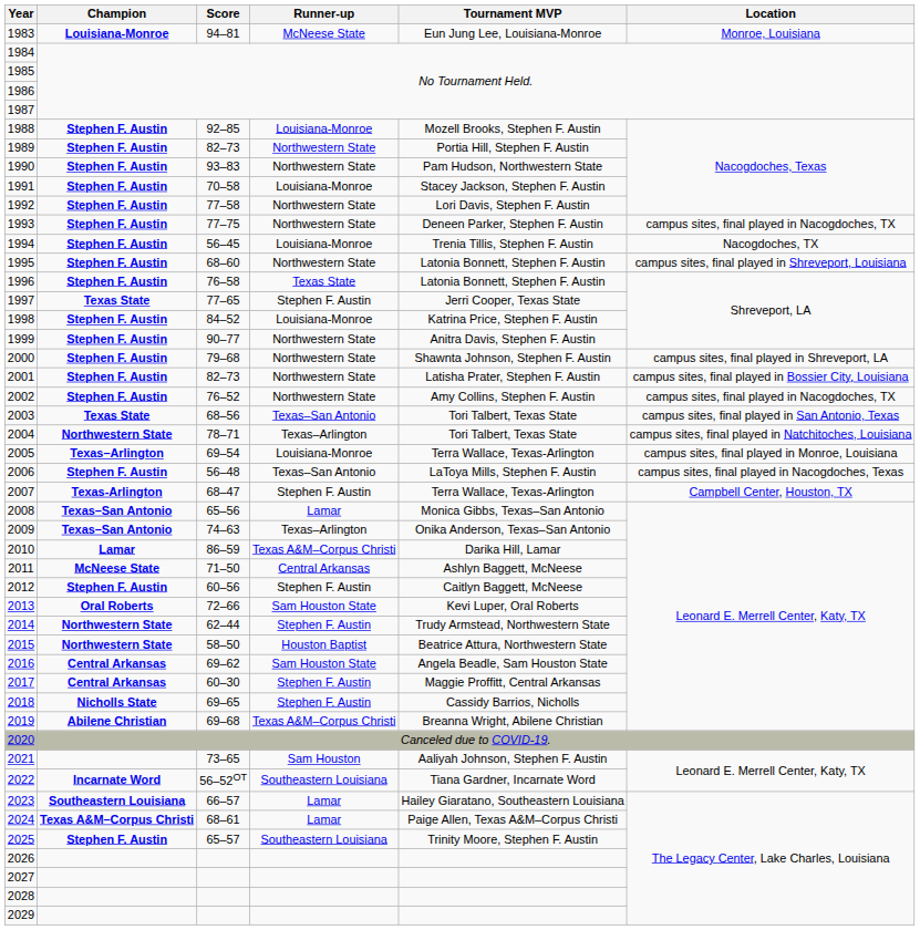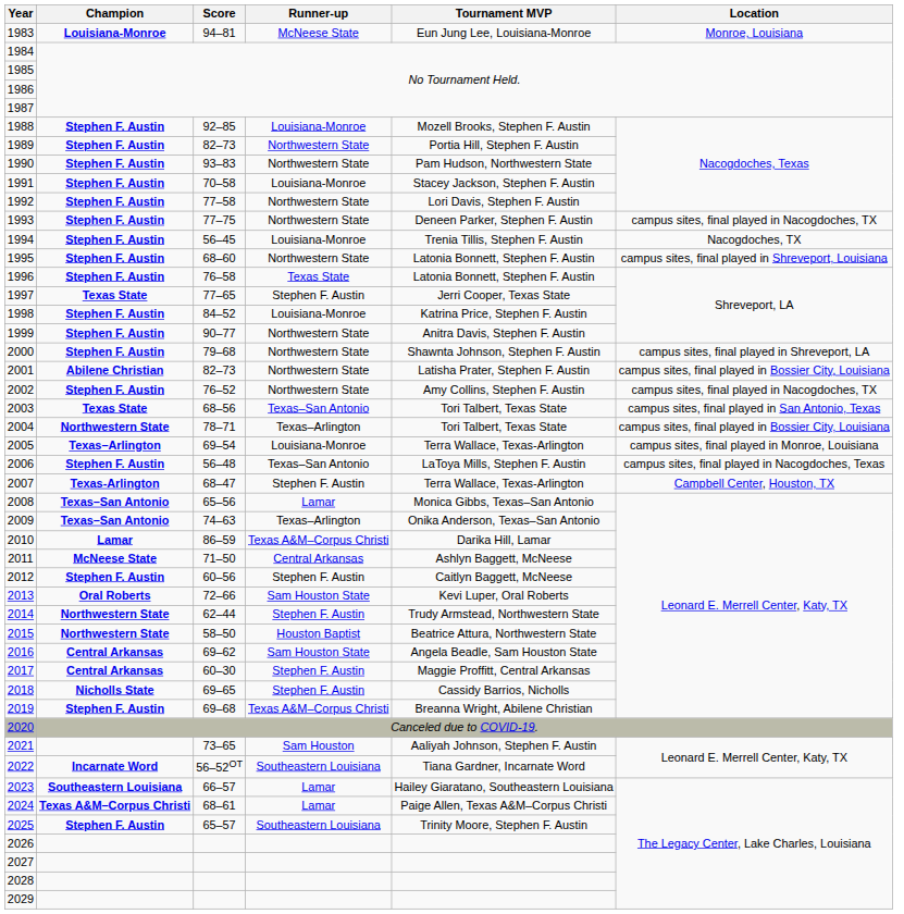 <table class="wikitable sortable" style="text-align:center">
 <tr>
 <th width=px>Year</th>
 <th width=px>Champion</th>
 <th width=px>Score</th>
 <th width=px>Runner-up</th>
 <th width=px>Tournament MVP</th>
 <th width=px>Location</th>
 </tr>
 <tr>
 <td>1983</td>
 <td><strong><a href='#'>Louisiana-Monroe</a></strong></td>
 <td>94–81</td>
 <td><a href='#'>McNeese State</a></td>
 <td>Eun Jung Lee, Louisiana-Monroe</td>
 <td><a href='#'>Monroe, Louisiana</a></td>
 </tr>
 <tr>
 <td>1984</td>
 <td colspan="5" rowspan="4"><em>No Tournament Held.</em></td>
 </tr>
 <tr>
 <td>1985</td>
 </tr>
 <tr>
 <td>1986</td>
 </tr>
 <tr>
 <td>1987</td>
 </tr>
 <tr>
 <td>1988</td>
 <td><strong><a href='#'>Stephen F. Austin</a></strong></td>
 <td>92–85</td>
 <td><a href='#'>Louisiana-Monroe</a></td>
 <td>Mozell Brooks, Stephen F. Austin</td>
 <td rowspan=5><a href='#'>Nacogdoches, Texas</a></td>
 </tr>
 <tr>
 <td>1989</td>
 <td><strong><a href='#'>Stephen F. Austin</a></strong></td>
 <td>82–73</td>
 <td><a href='#'>Northwestern State</a></td>
 <td>Portia Hill, Stephen F. Austin</td>
 </tr>
 <tr>
 <td>1990</td>
 <td><strong><a href='#'>Stephen F. Austin</a></strong></td>
 <td>93–83</td>
 <td>Northwestern State</td>
 <td>Pam Hudson, Northwestern State</td>
 </tr>
 <tr>
 <td>1991</td>
 <td><strong><a href='#'>Stephen F. Austin</a></strong></td>
 <td>70–58</td>
 <td>Louisiana-Monroe</td>
 <td>Stacey Jackson, Stephen F. Austin</td>
 </tr>
 <tr>
 <td>1992</td>
 <td><strong><a href='#'>Stephen F. Austin</a></strong></td>
 <td>77–58</td>
 <td>Northwestern State</td>
 <td>Lori Davis, Stephen F. Austin</td>
 </tr>
 <tr>
 <td>1993</td>
 <td><strong><a href='#'>Stephen F. Austin</a></strong></td>
 <td>77–75</td>
 <td>Northwestern State</td>
 <td>Deneen Parker, Stephen F. Austin</td>
 <td>campus sites, final played in Nacogdoches, TX</td>
 </tr>
 <tr>
 <td>1994</td>
 <td><strong><a href='#'>Stephen F. Austin</a></strong></td>
 <td>56–45</td>
 <td>Louisiana-Monroe</td>
 <td>Trenia Tillis, Stephen F. Austin</td>
 <td>Nacogdoches, TX</td>
 </tr>
 <tr>
 <td>1995</td>
 <td><strong><a href='#'>Stephen F. Austin</a></strong></td>
 <td>68–60</td>
 <td>Northwestern State</td>
 <td>Latonia Bonnett, Stephen F. Austin</td>
 <td>campus sites, final played in <a href='#'>Shreveport, Louisiana</a></td>
 </tr>
 <tr>
 <td>1996</td>
 <td><strong><a href='#'>Stephen F. Austin</a></strong></td>
 <td>76–58</td>
 <td><a href='#'>Texas State</a></td>
 <td>Latonia Bonnett, Stephen F. Austin</td>
 <td rowspan=4>Shreveport, LA</td>
 </tr>
 <tr>
 <td>1997</td>
 <td><strong><a href='#'>Texas State</a></strong></td>
 <td>77–65</td>
 <td>Stephen F. Austin</td>
 <td>Jerri Cooper, Texas State</td>
 </tr>
 <tr>
 <td>1998</td>
 <td><strong><a href='#'>Stephen F. Austin</a></strong></td>
 <td>84–52</td>
 <td>Louisiana-Monroe</td>
 <td>Katrina Price, Stephen F. Austin</td>
 </tr>
 <tr>
 <td>1999</td>
 <td><strong><a href='#'>Stephen F. Austin</a></strong></td>
 <td>90–77</td>
 <td>Northwestern State</td>
 <td>Anitra Davis, Stephen F. Austin</td>
 </tr>
 <tr>
 <td>2000</td>
 <td><strong><a href='#'>Stephen F. Austin</a></strong></td>
 <td>79–68</td>
 <td>Northwestern State</td>
 <td>Shawnta Johnson, Stephen F. Austin</td>
 <td>campus sites, final played in Shreveport, LA</td>
 </tr>
 <tr>
 <td>2001</td>
-<td><strong><a href='#'>Stephen F. Austin</a></strong></td>
+<td><strong><a href='#'>Abilene Christian</a></strong></td>
 <td>82–73</td>
 <td>Northwestern State</td>
 <td>Latisha Prater, Stephen F. Austin</td>
 <td>campus sites, final played in <a href='#'>Bossier City, Louisiana</a></td>
 </tr>
 <tr>
 <td>2002</td>
 <td><strong><a href='#'>Stephen F. Austin</a></strong></td>
 <td>76–52</td>
 <td>Northwestern State</td>
 <td>Amy Collins, Stephen F. Austin</td>
 <td>campus sites, final played in Nacogdoches, TX</td>
 </tr>
 <tr>
 <td>2003</td>
 <td><strong><a href='#'>Texas State</a></strong></td>
 <td>68–56</td>
 <td><a href='#'>Texas–San Antonio</a></td>
 <td>Tori Talbert, Texas State</td>
 <td>campus sites, final played in <a href='#'>San Antonio, Texas</a></td>
 </tr>
 <tr>
 <td>2004</td>
 <td><strong><a href='#'>Northwestern State</a></strong></td>
 <td>78–71</td>
 <td Texas–Arlington Mavericks women's basketball>Texas–Arlington</td>
 <td>Tori Talbert, Texas State</td>
-<td>campus sites, final played in <a href='#'>Natchitoches, Louisiana</a></td>
+<td>campus sites, final played in <a href='#'>Bossier City, Louisiana</a></td>
 </tr>
 <tr>
 <td>2005</td>
 <td><strong><a href='#'>Texas–Arlington</a></strong></td>
 <td>69–54</td>
 <td>Louisiana-Monroe</td>
 <td>Terra Wallace, Texas-Arlington</td>
 <td>campus sites, final played in Monroe, Louisiana</td>
 </tr>
 <tr>
 <td>2006</td>
 <td><strong><a href='#'>Stephen F. Austin</a></strong></td>
 <td>56–48</td>
 <td>Texas–San Antonio</td>
 <td>LaToya Mills, Stephen F. Austin</td>
 <td>campus sites, final played in Nacogdoches, Texas</td>
 </tr>
 <tr>
 <td>2007</td>
 <td><strong><a href='#'>Texas-Arlington</a></strong></td>
 <td>68–47</td>
 <td>Stephen F. Austin</td>
 <td>Terra Wallace, Texas-Arlington</td>
 <td><a href='#'>Campbell Center</a>, <a href='#'>Houston, TX</a></td>
 </tr>
 <tr>
 <td>2008</td>
 <td><strong><a href='#'>Texas–San Antonio</a></strong></td>
 <td>65–56</td>
 <td><a href='#'>Lamar</a></td>
 <td>Monica Gibbs, Texas–San Antonio</td>
 <td rowspan=12><a href='#'>Leonard E. Merrell Center</a>, <a href='#'>Katy, TX</a></td>
 </tr>
 <tr>
 <td>2009</td>
 <td><strong><a href='#'>Texas–San Antonio</a></strong></td>
 <td>74–63</td>
 <td>Texas–Arlington</td>
 <td>Onika Anderson, Texas–San Antonio</td>
 </tr>
 <tr>
 <td>2010</td>
 <td><strong><a href='#'>Lamar</a></strong></td>
 <td>86–59</td>
 <td><a href='#'>Texas A&M–Corpus Christi</a></td>
 <td>Darika Hill, Lamar</td>
 </tr>
 <tr>
 <td>2011</td>
 <td><strong><a href='#'>McNeese State</a></strong></td>
 <td>71–50</td>
 <td><a href='#'>Central Arkansas</a></td>
 <td>Ashlyn Baggett, McNeese</td>
 </tr>
 <tr>
 <td>2012</td>
 <td><strong><a href='#'>Stephen F. Austin</a></strong></td>
 <td>60–56</td>
 <td>Stephen F. Austin</td>
 <td>Caitlyn Baggett, McNeese</td>
 </tr>
 <tr>
 <td><a href='#'>2013</a></td>
 <td><strong><a href='#'>Oral Roberts</a></strong></td>
 <td>72–66</td>
 <td><a href='#'>Sam Houston State</a></td>
 <td>Kevi Luper, Oral Roberts</td>
 </tr>
 <tr>
 <td><a href='#'>2014</a></td>
 <td><strong><a href='#'>Northwestern State</a></strong></td>
 <td>62–44</td>
 <td><a href='#'>Stephen F. Austin</a></td>
 <td>Trudy Armstead, Northwestern State</td>
 </tr>
 <tr>
 <td><a href='#'>2015</a></td>
 <td><strong><a href='#'>Northwestern State</a></strong></td>
 <td>58–50</td>
 <td><a href='#'>Houston Baptist</a></td>
 <td>Beatrice Attura, Northwestern State</td>
 </tr>
 <tr>
 <td><a href='#'>2016</a></td>
 <td><strong><a href='#'>Central Arkansas</a></strong></td>
 <td>69–62</td>
 <td><a href='#'>Sam Houston State</a></td>
 <td>Angela Beadle, Sam Houston State</td>
 </tr>
 <tr>
 <td><a href='#'>2017</a></td>
 <td><strong><a href='#'>Central Arkansas</a></strong></td>
 <td>60–30</td>
 <td><a href='#'>Stephen F. Austin</a></td>
 <td>Maggie Proffitt, Central Arkansas</td>
 </tr>
 <tr>
 <td><a href='#'>2018</a></td>
 <td><strong><a href='#'>Nicholls State</a></strong></td>
 <td>69–65</td>
 <td><a href='#'>Stephen F. Austin</a></td>
 <td>Cassidy Barrios, Nicholls</td>
 </tr>
 <tr>
 <td><a href='#'>2019</a></td>
-<td><strong><a href='#'>Abilene Christian</a></strong></td>
+<td><strong><a href='#'>Stephen F. Austin</a></strong></td>
 <td>69–68</td>
 <td><a href='#'>Texas A&M–Corpus Christi</a></td>
 <td>Breanna Wright, Abilene Christian</td>
 </tr>
 <tr bgcolor="#bbbbaa">
 <td><a href='#'>2020</a></td>
 <td colspan=5 align=center><em>Canceled due to <a href='#'>COVID-19</a>.</em></td>
 </tr>
 <tr>
 <td><a href='#'>2021</a></td>
 <td><strong></strong></td>
 <td>73–65</td>
 <td><a href='#'>Sam Houston</a></td>
 <td>Aaliyah Johnson, Stephen F. Austin</td>
 <td rowspan=2>Leonard E. Merrell Center, Katy, TX</td>
 </tr>
 <tr>
 <td><a href='#'>2022</a></td>
 <td><strong><a href='#'>Incarnate Word</a></strong></td>
 <td>56–52<sup>OT</sup></td>
 <td><a href='#'>Southeastern Louisiana</a></td>
 <td>Tiana Gardner, Incarnate Word</td>
 </tr>
 <tr>
 <td><a href='#'>2023</a></td>
 <td><strong><a href='#'>Southeastern Louisiana</a></strong></td>
 <td>66–57</td>
 <td><a href='#'>Lamar</a></td>
 <td>Hailey Giaratano, Southeastern Louisiana</td>
 <td rowspan=7><a href='#'>The Legacy Center</a>, Lake Charles, Louisiana</td>
 </tr>
 <tr>
 <td><a href='#'>2024</a></td>
 <td><strong><a href='#'>Texas A&M–Corpus Christi</a></strong></td>
 <td>68–61</td>
 <td><a href='#'>Lamar</a></td>
 <td>Paige Allen, Texas A&M–Corpus Christi</td>
 </tr>
 <tr>
 <td><a href='#'>2025</a></td>
 <td><strong><a href='#'>Stephen F. Austin</a></strong></td>
 <td>65–57</td>
 <td><a href='#'>Southeastern Louisiana</a></td>
 <td>Trinity Moore, Stephen F. Austin</td>
 </tr>
 <tr>
 <td>2026</td>
 <td></td>
 <td></td>
 <td></td>
 <td></td>
 </tr>
 <tr>
 <td>2027</td>
 <td></td>
 <td></td>
 <td></td>
 <td></td>
 </tr>
 <tr>
 <td>2028</td>
 <td></td>
 <td></td>
 <td></td>
 <td></td>
 </tr>
 <tr>
 <td>2029</td>
 <td></td>
 <td></td>
 <td></td>
 <td></td>
 </tr>
 </table>
